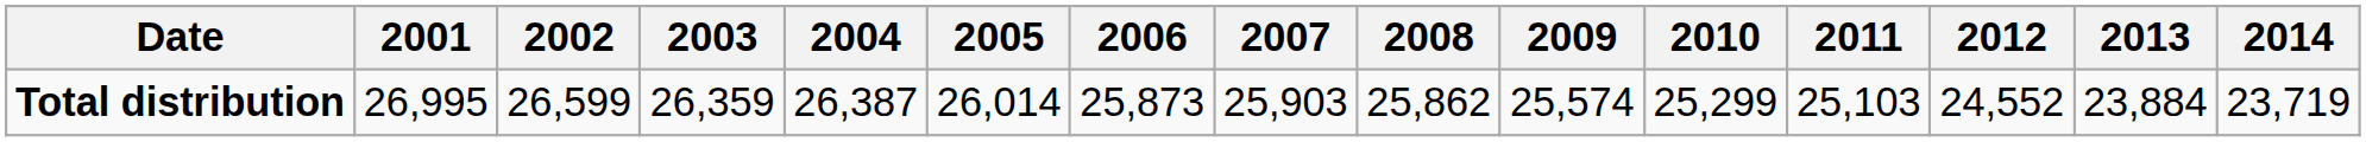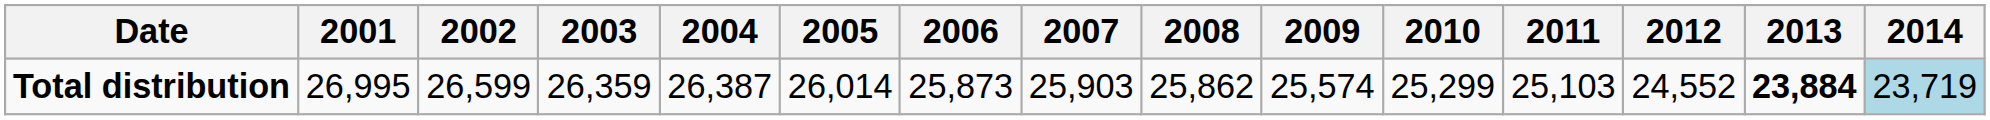 <table class="wikitable">
 <tr>
 <th>Date</th>
 <th>2001</th>
 <th>2002</th>
 <th>2003</th>
 <th>2004</th>
 <th>2005</th>
 <th>2006</th>
 <th>2007</th>
 <th>2008</th>
 <th>2009</th>
 <th>2010</th>
 <th>2011</th>
 <th>2012</th>
 <th>2013</th>
 <th>2014</th>
 </tr>
 <tr>
 <td><strong>Total distribution</strong></td>
 <td>26,995</td>
 <td>26,599</td>
 <td>26,359</td>
 <td>26,387</td>
 <td>26,014</td>
 <td>25,873</td>
 <td>25,903</td>
 <td>25,862</td>
 <td>25,574</td>
 <td>25,299</td>
 <td>25,103</td>
 <td>24,552</td>
-<td>23,884</td>
-<td>23,719</td>
+<td><strong>23,884</strong></td>
+<td style="background: lightblue;">23,719</td>
 </tr>
 </table>
